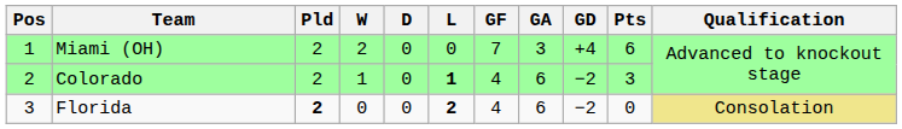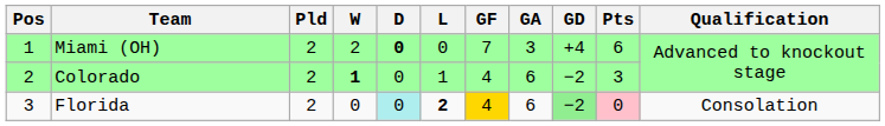 <table class="wikitable" style="text-align:center; margin: 1em auto">
 <tr>
 <th style="width:2em">Pos</th>
 <th style="width:13em">Team</th>
 <th style="width:2em">Pld</th>
 <th style="width:2em">W</th>
 <th style="width:2em">D</th>
 <th style="width:2em">L</th>
 <th style="width:2em">GF</th>
 <th style="width:2em">GA</th>
 <th style="width:2em">GD</th>
 <th style="width:2em">Pts</th>
 <th style="width:13em">Qualification</th>
 </tr>
 <tr bgcolor="#9eff9e">
 <td>1</td>
 <td style="text-align:left">Miami (OH)</td>
 <td>2</td>
 <td>2</td>
-<td>0</td>
+<td><strong>0</strong></td>
 <td>0</td>
 <td>7</td>
 <td>3</td>
 <td>+4</td>
 <td>6</td>
 <td rowspan="2">Advanced to knockout stage</td>
 </tr>
 <tr bgcolor="#9eff9e">
 <td>2</td>
 <td style="text-align:left">Colorado</td>
 <td>2</td>
+<td><strong>1</strong></td>
+<td>0</td>
 <td>1</td>
-<td>0</td>
-<td><strong>1</strong></td>
 <td>4</td>
 <td>6</td>
 <td>−2</td>
 <td>3</td>
 </tr>
 <tr>
 <td>3</td>
 <td style="text-align:left">Florida</td>
+<td>2</td>
+<td>0</td>
+<td style="background: paleturquoise;">0</td>
 <td><strong>2</strong></td>
-<td>0</td>
-<td>0</td>
-<td><strong>2</strong></td>
-<td>4</td>
+<td style="background: gold;">4</td>
 <td>6</td>
-<td>−2</td>
-<td>0</td>
-<td style="background: khaki;">Consolation</td>
+<td style="background: lightgreen;">−2</td>
+<td style="background: pink;">0</td>
+<td>Consolation</td>
 </tr>
 </table>
